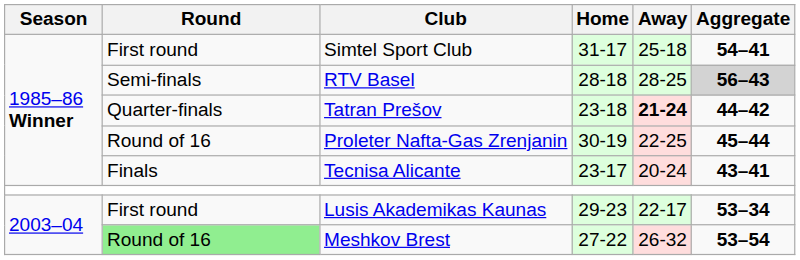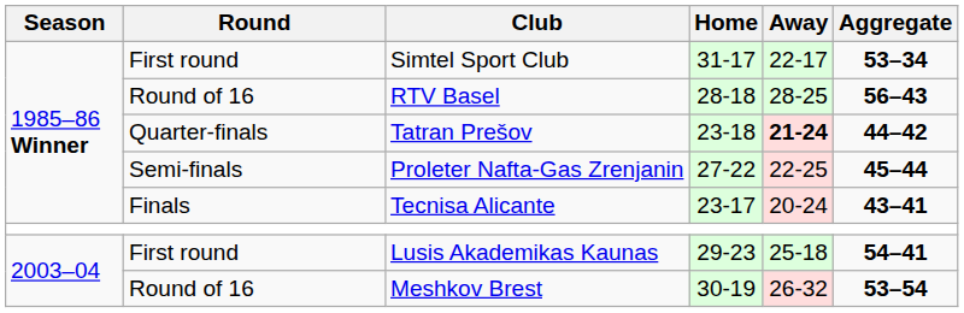 <table class="wikitable">
 <tr>
 <th width=75>Season</th>
 <th width=175>Round</th>
 <th>Club</th>
 <th>Home</th>
 <th>Away</th>
 <th>Aggregate</th>
 </tr>
 <tr>
 <td rowspan=5><a href='#'>1985–86</a><br> <strong>Winner</strong></td>
 <td>First round</td>
 <td> Simtel Sport Club</td>
 <td style="text-align:center; background:#dfd;">31-17</td>
-<td style="text-align:center; background:#dfd;">25-18</td>
-<td style="text-align:center;"><strong>54–41</strong></td>
+<td style="text-align:center; background:#dfd;">22-17</td>
+<td style="text-align:center;"><strong>53–34</strong></td>
 </tr>
 <tr>
-<td>Semi-finals</td>
+<td>Round of 16</td>
 <td> <a href='#'>RTV Basel</a></td>
 <td style="text-align:center; background:#dfd;">28-18</td>
 <td style="text-align:center; background:#dfd;">28-25</td>
-<td style="background: lightgrey; text-align:center;"><strong>56–43</strong></td>
+<td style="text-align:center;"><strong>56–43</strong></td>
 </tr>
 <tr>
 <td>Quarter-finals</td>
 <td> <a href='#'>Tatran Prešov</a></td>
 <td style="text-align:center; background:#dfd;">23-18</td>
 <td style="text-align:center; background:#fdd;"><strong>21-24</strong></td>
 <td style="text-align:center;"><strong>44–42</strong></td>
 </tr>
 <tr>
-<td>Round of 16</td>
+<td>Semi-finals</td>
 <td> <a href='#'>Proleter Nafta-Gas Zrenjanin</a></td>
-<td style="text-align:center; background:#dfd;">30-19</td>
+<td style="text-align:center; background:#dfd;">27-22</td>
 <td style="text-align:center; background:#fdd;">22-25</td>
 <td style="text-align:center;"><strong>45–44</strong></td>
 </tr>
 <tr>
 <td>Finals</td>
 <td> <a href='#'>Tecnisa Alicante</a></td>
 <td style="text-align:center; background:#dfd;">23-17</td>
 <td style="text-align:center; background:#fdd;">20-24</td>
 <td style="text-align:center;"><strong>43–41</strong></td>
 </tr>
 <tr>
 <td colspan=7 style="text-align: center;" bgcolor=white></td>
 </tr>
 <tr>
 <td rowspan=2><a href='#'>2003–04</a></td>
 <td>First round</td>
 <td> <a href='#'>Lusis Akademikas Kaunas</a></td>
 <td style="text-align:center; background:#dfd;">29-23</td>
-<td style="text-align:center; background:#dfd;">22-17</td>
-<td style="text-align:center;"><strong>53–34</strong></td>
+<td style="text-align:center; background:#dfd;">25-18</td>
+<td style="text-align:center;"><strong>54–41</strong></td>
 </tr>
 <tr>
-<td style="background: lightgreen;">Round of 16</td>
+<td>Round of 16</td>
 <td> <a href='#'>Meshkov Brest</a></td>
-<td style="text-align:center; background:#dfd;">27-22</td>
+<td style="text-align:center; background:#dfd;">30-19</td>
 <td style="text-align:center; background:#fdd;">26-32</td>
 <td style="text-align:center;"><strong>53–54</strong></td>
 </tr>
 </table>
